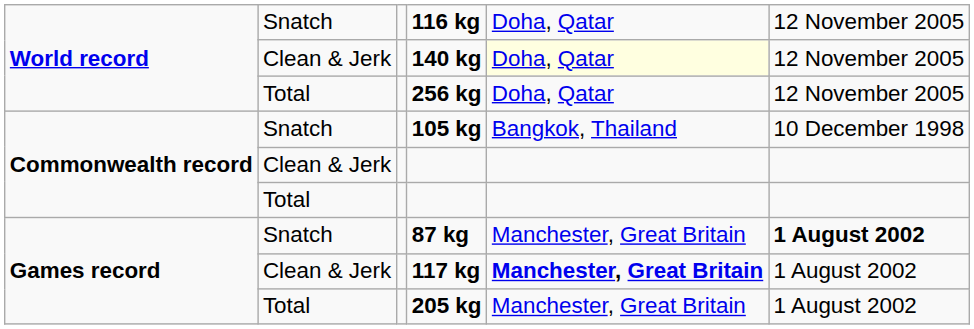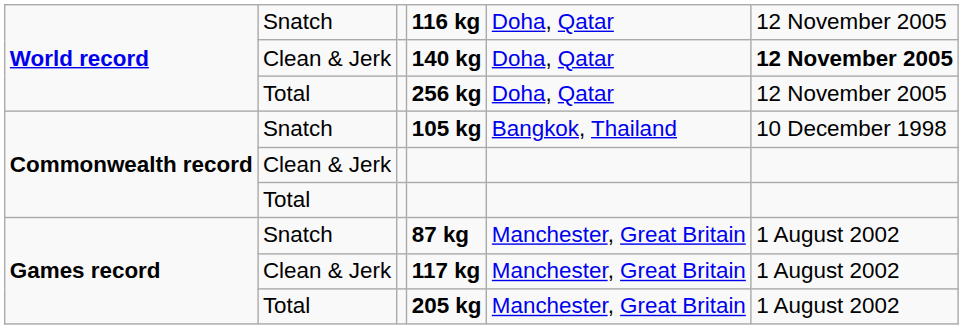 <table class="wikitable">
 <tr>
 <td rowspan=3><strong><a href='#'>World record</a></strong></td>
 <td>Snatch</td>
 <td></td>
 <td><strong>116 kg</strong></td>
 <td><a href='#'>Doha</a>, <a href='#'>Qatar</a></td>
 <td>12 November 2005</td>
 </tr>
 <tr>
 <td>Clean & Jerk</td>
 <td></td>
 <td><strong>140 kg</strong></td>
-<td style="background: lightyellow;"><a href='#'>Doha</a>, <a href='#'>Qatar</a></td>
-<td>12 November 2005</td>
+<td><a href='#'>Doha</a>, <a href='#'>Qatar</a></td>
+<td><strong>12 November 2005</strong></td>
 </tr>
 <tr>
 <td>Total</td>
 <td></td>
 <td><strong>256 kg</strong></td>
 <td><a href='#'>Doha</a>, <a href='#'>Qatar</a></td>
 <td>12 November 2005</td>
 </tr>
 <tr>
 <td rowspan=3><strong>Commonwealth record</strong></td>
 <td>Snatch</td>
 <td></td>
 <td><strong>105 kg</strong></td>
 <td><a href='#'>Bangkok</a>, <a href='#'>Thailand</a></td>
 <td>10 December 1998</td>
 </tr>
 <tr>
 <td>Clean & Jerk</td>
 <td></td>
 <td></td>
 <td></td>
 <td></td>
 </tr>
 <tr>
 <td>Total</td>
 <td></td>
 <td></td>
 <td></td>
 <td></td>
 </tr>
 <tr>
 <td rowspan=3><strong>Games record</strong></td>
 <td>Snatch</td>
 <td></td>
 <td><strong>87 kg</strong></td>
 <td><a href='#'>Manchester</a>, <a href='#'>Great Britain</a></td>
-<td><strong>1 August 2002</strong></td>
+<td>1 August 2002</td>
 </tr>
 <tr>
 <td>Clean & Jerk</td>
 <td></td>
 <td><strong>117 kg</strong></td>
-<td><strong><a href='#'>Manchester</a>, <a href='#'>Great Britain</a></strong></td>
+<td><a href='#'>Manchester</a>, <a href='#'>Great Britain</a></td>
 <td>1 August 2002</td>
 </tr>
 <tr>
 <td>Total</td>
 <td></td>
 <td><strong>205 kg</strong></td>
 <td><a href='#'>Manchester</a>, <a href='#'>Great Britain</a></td>
 <td>1 August 2002</td>
 </tr>
 </table>
